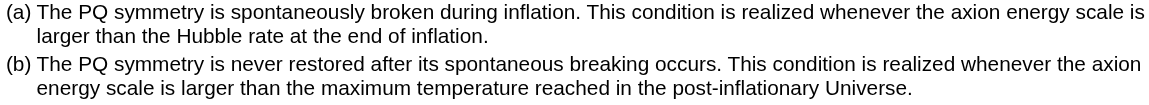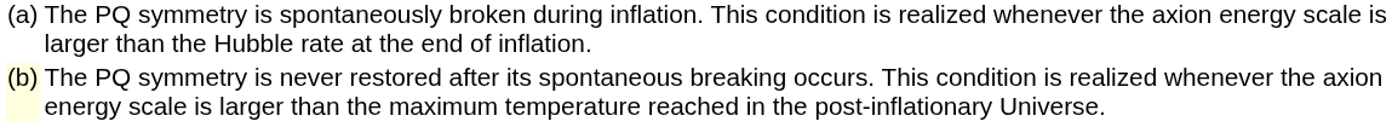 <table>
 <tr style="vertical-align:top;">
 <td>(a)</td>
 <td>The PQ symmetry is spontaneously broken during inflation. This condition is realized whenever the axion energy scale is larger than the Hubble rate at the end of inflation.</td>
 </tr>
 <tr style="vertical-align:top;">
-<td>(b)</td>
+<td style="background: lightyellow;">(b)</td>
 <td>The PQ symmetry is never restored after its spontaneous breaking occurs. This condition is realized whenever the axion energy scale is larger than the maximum temperature reached in the post-inflationary Universe.</td>
 </tr>
 </table>
